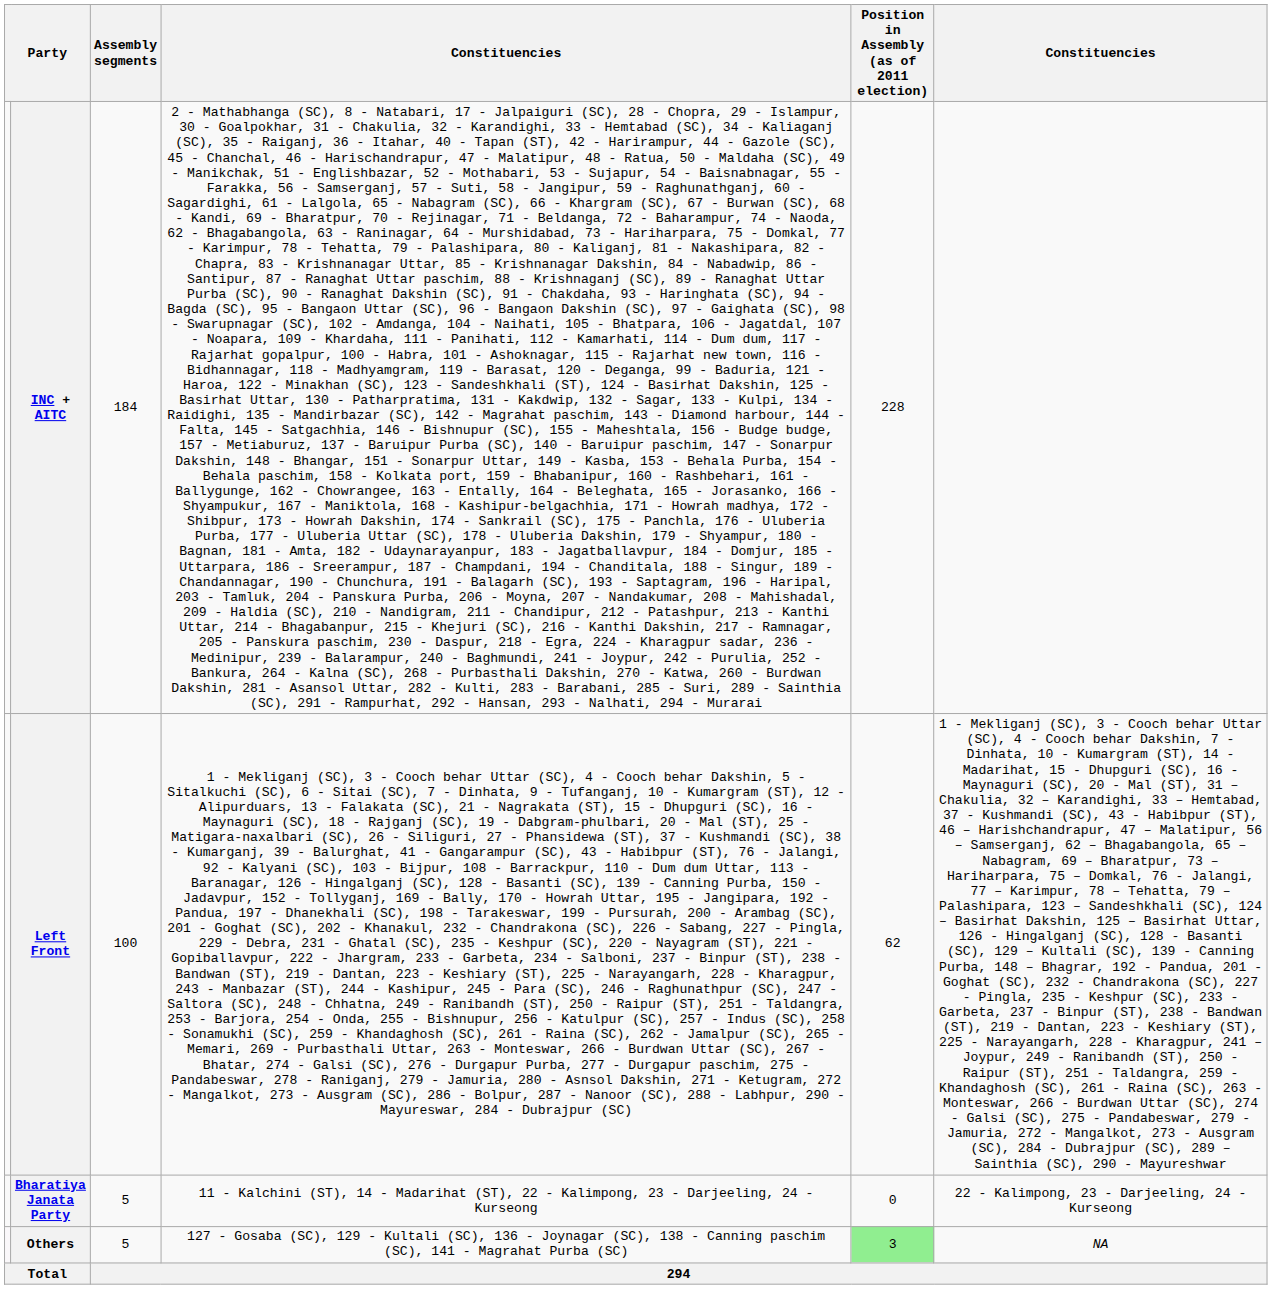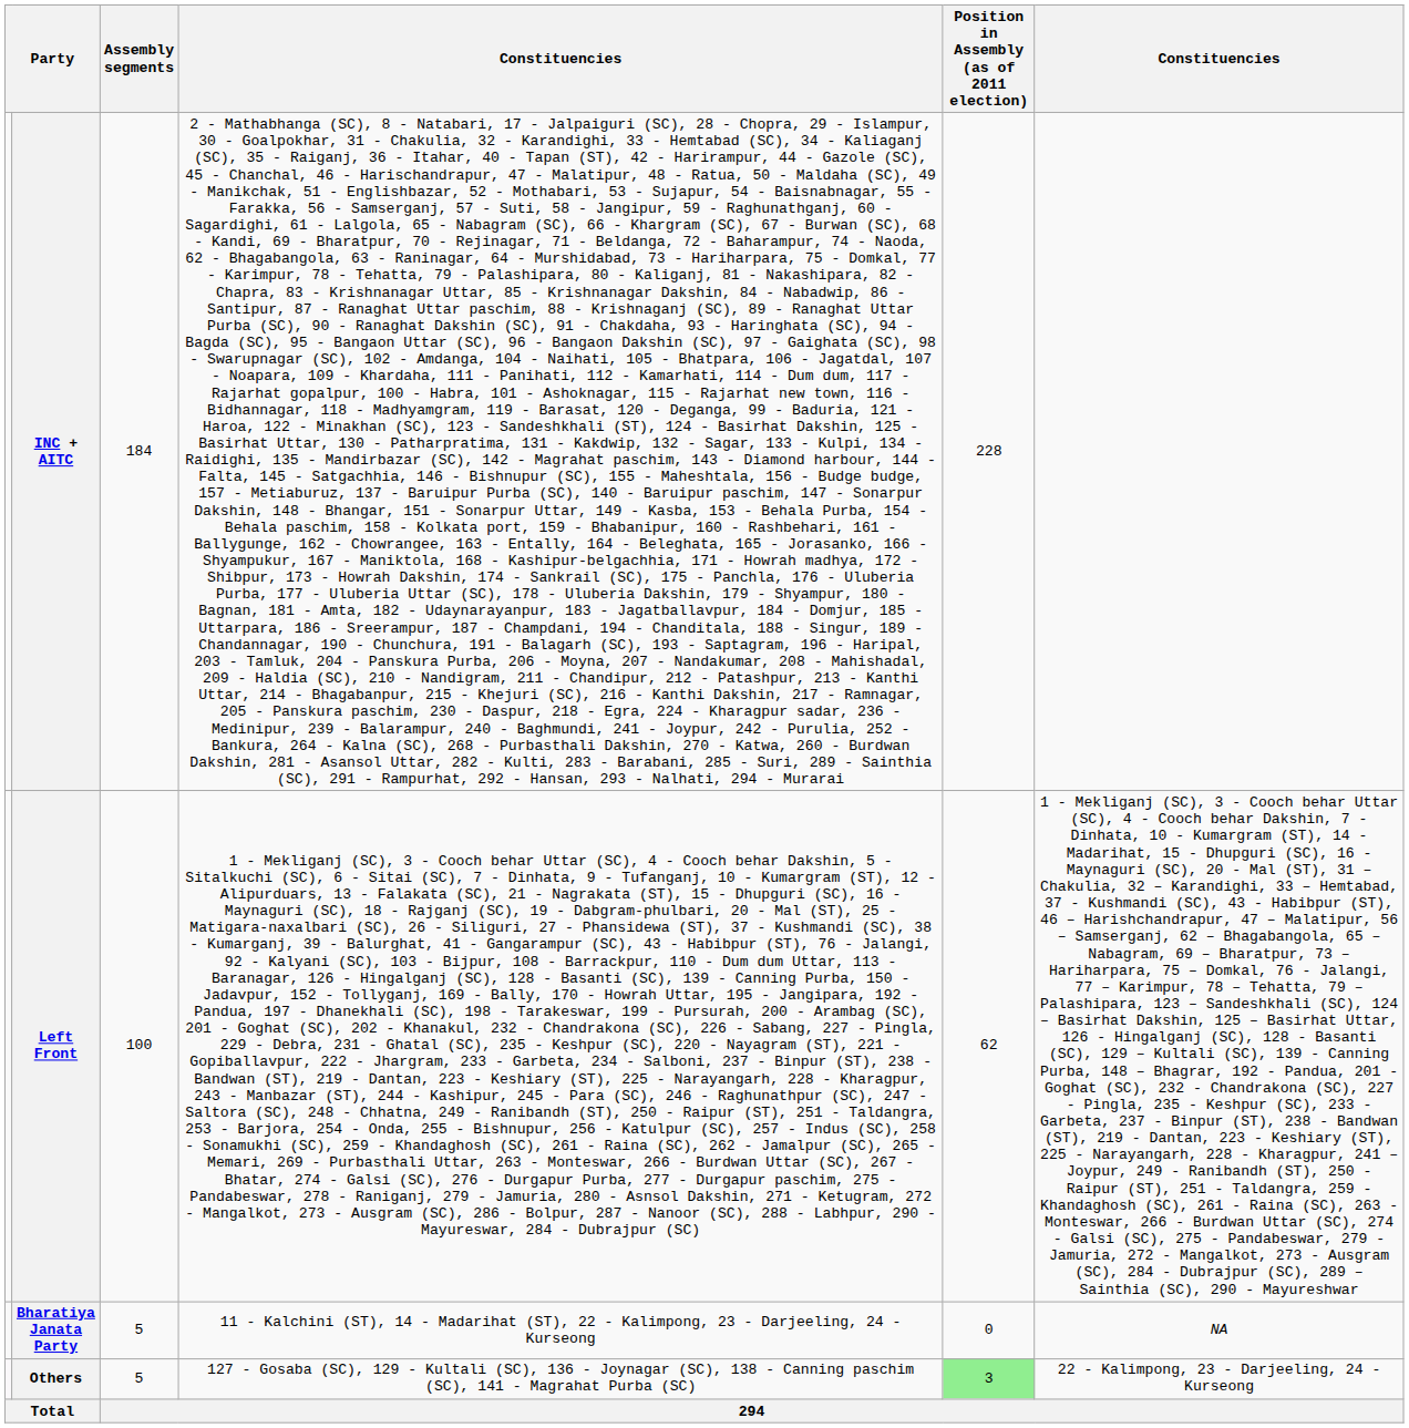 <table class="wikitable" style="text-align:center">
 <tr>
 <th colspan=2>Party</th>
 <th>Assembly segments</th>
 <th>Constituencies</th>
 <th>Position in Assembly (as of 2011 election)</th>
 <th>Constituencies</th>
 </tr>
 <tr>
 <td></td>
 <th><a href='#'>INC</a> + <a href='#'>AITC</a></th>
 <td>184</td>
 <td>2 - Mathabhanga (SC),  8 - Natabari, 17 - Jalpaiguri (SC), 28 - Chopra,  29 - Islampur,  30 - Goalpokhar, 31 - Chakulia, 32 - Karandighi, 33 - Hemtabad (SC), 34 - Kaliaganj (SC),  35 - Raiganj, 36 - Itahar, 40 - Tapan (ST), 42 - Harirampur,  44 - Gazole (SC), 45 - Chanchal,  46 - Harischandrapur, 47 - Malatipur,  48 - Ratua, 50 - Maldaha (SC),  49 - Manikchak, 51 - Englishbazar, 52 - Mothabari, 53 - Sujapur,  54 - Baisnabnagar, 55 - Farakka,  56 - Samserganj,  57 - Suti,  58 - Jangipur,  59 - Raghunathganj,  60 - Sagardighi,  61 - Lalgola, 65 - Nabagram (SC), 66 - Khargram (SC), 67 - Burwan (SC), 68 - Kandi,  69 - Bharatpur,  70 - Rejinagar, 71 - Beldanga,  72 - Baharampur, 74 - Naoda, 62 - Bhagabangola,  63 - Raninagar,  64 - Murshidabad, 73 - Hariharpara,  75 - Domkal,  77 - Karimpur, 78 - Tehatta,  79 - Palashipara,  80 - Kaliganj,  81 - Nakashipara,  82 - Chapra,  83 - Krishnanagar Uttar, 85 - Krishnanagar Dakshin,  84 - Nabadwip, 86 - Santipur,  87 - Ranaghat Uttar paschim,  88 - Krishnaganj (SC),  89 - Ranaghat Uttar Purba (SC),  90 - Ranaghat Dakshin (SC),  91 - Chakdaha,  93 - Haringhata (SC),  94 - Bagda (SC),  95 - Bangaon Uttar (SC), 96 - Bangaon Dakshin (SC),  97 - Gaighata (SC), 98 - Swarupnagar (SC), 102 - Amdanga, 104 - Naihati,  105 - Bhatpara, 106 - Jagatdal, 107 - Noapara, 109 - Khardaha, 111 - Panihati, 112 - Kamarhati, 114 - Dum dum, 117 - Rajarhat gopalpur, 100 - Habra, 101 - Ashoknagar, 115 - Rajarhat new town,  116 - Bidhannagar, 118 - Madhyamgram, 119 - Barasat, 120 - Deganga, 99 - Baduria, 121 - Haroa, 122 - Minakhan (SC), 123 - Sandeshkhali (ST), 124 - Basirhat Dakshin, 125 - Basirhat Uttar, 130 - Patharpratima, 131 - Kakdwip, 132 - Sagar, 133 - Kulpi, 134 - Raidighi, 135 - Mandirbazar (SC), 142 - Magrahat paschim, 143 - Diamond harbour, 144 - Falta, 145 - Satgachhia, 146 - Bishnupur (SC), 155 - Maheshtala, 156 - Budge budge, 157 - Metiaburuz, 137 - Baruipur Purba (SC), 140 - Baruipur paschim, 147 - Sonarpur Dakshin, 148 - Bhangar, 151 - Sonarpur Uttar, 149 - Kasba, 153 - Behala Purba, 154 - Behala paschim, 158 - Kolkata port, 159 - Bhabanipur,  160 - Rashbehari, 161 - Ballygunge, 162 - Chowrangee, 163 - Entally, 164 - Beleghata, 165 - Jorasanko, 166 - Shyampukur, 167 - Maniktola, 168 - Kashipur-belgachhia, 171 - Howrah madhya, 172 - Shibpur, 173 - Howrah Dakshin, 174 - Sankrail (SC), 175 - Panchla, 176 - Uluberia Purba, 177 - Uluberia Uttar (SC), 178 - Uluberia Dakshin, 179 - Shyampur, 180 - Bagnan, 181 - Amta, 182 - Udaynarayanpur, 183 - Jagatballavpur, 184 - Domjur, 185 - Uttarpara, 186 - Sreerampur, 187 - Champdani, 194 - Chanditala, 188 - Singur, 189 - Chandannagar, 190 - Chunchura, 191 - Balagarh (SC), 193 - Saptagram, 196 - Haripal, 203 - Tamluk, 204 - Panskura Purba, 206 - Moyna, 207 - Nandakumar, 208 - Mahishadal, 209 - Haldia (SC), 210 - Nandigram, 211 - Chandipur, 212 - Patashpur, 213 - Kanthi Uttar, 214 - Bhagabanpur,  215 - Khejuri (SC),  216 - Kanthi Dakshin, 217 - Ramnagar, 205 - Panskura paschim, 230 - Daspur, 218 - Egra, 224 - Kharagpur sadar, 236 - Medinipur, 239 - Balarampur, 240 - Baghmundi, 241 - Joypur, 242 - Purulia, 252 - Bankura, 264 - Kalna (SC), 268 - Purbasthali Dakshin, 270 - Katwa, 260 - Burdwan Dakshin, 281 - Asansol Uttar, 282 - Kulti, 283 - Barabani, 285 - Suri, 289 - Sainthia (SC), 291 - Rampurhat, 292 - Hansan, 293 - Nalhati, 294 - Murarai</td>
 <td>228</td>
 <td></td>
 </tr>
 <tr>
 <td></td>
 <th><a href='#'>Left Front</a></th>
 <td>100</td>
 <td>1 - Mekliganj (SC), 3 - Cooch behar Uttar (SC), 4 - Cooch behar Dakshin, 5 - Sitalkuchi (SC), 6 - Sitai (SC),  7 - Dinhata, 9 - Tufanganj, 10 - Kumargram (ST),  12 - Alipurduars, 13 - Falakata (SC), 21 - Nagrakata (ST), 15 - Dhupguri (SC), 16 - Maynaguri (SC), 18 - Rajganj (SC), 19 - Dabgram-phulbari, 20 - Mal (ST), 25 - Matigara-naxalbari (SC), 26 - Siliguri,  27 - Phansidewa (ST), 37 - Kushmandi (SC),  38 - Kumarganj,  39 - Balurghat, 41 - Gangarampur (SC),  43 - Habibpur (ST),  76 - Jalangi, 92 - Kalyani (SC), 103 - Bijpur, 108 - Barrackpur, 110 - Dum dum Uttar, 113 - Baranagar, 126 - Hingalganj (SC), 128 - Basanti (SC),  139 - Canning Purba, 150 - Jadavpur, 152 - Tollyganj, 169 - Bally, 170 - Howrah Uttar, 195 - Jangipara, 192 - Pandua, 197 - Dhanekhali (SC), 198 - Tarakeswar, 199 - Pursurah, 200 - Arambag (SC), 201 - Goghat (SC), 202 - Khanakul, 232 - Chandrakona (SC), 226 - Sabang, 227 - Pingla, 229 - Debra, 231 - Ghatal (SC), 235 - Keshpur (SC), 220 - Nayagram (ST), 221 - Gopiballavpur, 222 - Jhargram, 233 - Garbeta, 234 - Salboni, 237 - Binpur (ST), 238 - Bandwan (ST), 219 - Dantan, 223 - Keshiary (ST), 225 - Narayangarh, 228 - Kharagpur, 243 - Manbazar (ST), 244 - Kashipur, 245 - Para (SC), 246 - Raghunathpur (SC), 247 - Saltora (SC), 248 - Chhatna, 249 - Ranibandh (ST), 250 - Raipur (ST), 251 - Taldangra, 253 - Barjora, 254 - Onda, 255 - Bishnupur, 256 - Katulpur (SC), 257 - Indus (SC), 258 - Sonamukhi (SC), 259 - Khandaghosh (SC), 261 - Raina (SC), 262 - Jamalpur (SC), 265 - Memari, 269 - Purbasthali Uttar, 263 - Monteswar, 266 - Burdwan Uttar (SC), 267 - Bhatar, 274 - Galsi (SC), 276 - Durgapur Purba, 277 - Durgapur paschim, 275 - Pandabeswar, 278 - Raniganj, 279 - Jamuria, 280 - Asnsol Dakshin, 271 - Ketugram, 272 - Mangalkot, 273 - Ausgram (SC), 286 - Bolpur, 287 - Nanoor (SC), 288 - Labhpur, 290 - Mayureswar, 284 - Dubrajpur (SC)</td>
 <td>62</td>
 <td>1 - Mekliganj (SC), 3 - Cooch behar Uttar (SC), 4 - Cooch behar Dakshin, 7 - Dinhata, 10 - Kumargram (ST), 14 - Madarihat, 15 - Dhupguri (SC), 16 - Maynaguri (SC), 20 - Mal (ST), 31 – Chakulia, 32 – Karandighi, 33 – Hemtabad, 37 - Kushmandi (SC), 43 - Habibpur (ST), 46 – Harishchandrapur, 47 – Malatipur, 56 – Samserganj, 62 – Bhagabangola, 65 – Nabagram, 69 – Bharatpur, 73 – Hariharpara, 75 – Domkal, 76 - Jalangi, 77 – Karimpur, 78 – Tehatta, 79 – Palashipara, 123 – Sandeshkhali (SC), 124 – Basirhat Dakshin, 125 – Basirhat Uttar,  126 - Hingalganj (SC), 128 - Basanti (SC), 129 – Kultali (SC), 139 - Canning Purba, 148 – Bhagrar, 192 - Pandua, 201 - Goghat (SC), 232 - Chandrakona (SC), 227 - Pingla, 235 - Keshpur (SC), 233 - Garbeta, 237 - Binpur (ST), 238 - Bandwan (ST), 219 - Dantan, 223 - Keshiary (ST), 225 - Narayangarh, 228 - Kharagpur, 241 – Joypur, 249 - Ranibandh (ST), 250 - Raipur (ST), 251 - Taldangra, 259 - Khandaghosh (SC), 261 - Raina (SC), 263 - Monteswar, 266 - Burdwan Uttar (SC), 274 - Galsi (SC), 275 - Pandabeswar, 279 - Jamuria, 272 - Mangalkot, 273 - Ausgram (SC), 284 - Dubrajpur (SC), 289 – Sainthia (SC), 290 - Mayureshwar</td>
 </tr>
 <tr>
 <td></td>
 <th><a href='#'>Bharatiya Janata Party</a></th>
 <td>5</td>
 <td>11 - Kalchini (ST), 14 - Madarihat (ST),  22 - Kalimpong,  23 - Darjeeling,  24 - Kurseong</td>
 <td>0</td>
-<td>22 - Kalimpong,  23 - Darjeeling,  24 - Kurseong</td>
+<td><em>NA</em></td>
 </tr>
 <tr>
 <td bgcolor=#FAF8FA></td>
 <th>Others</th>
 <td>5</td>
 <td>127 - Gosaba (SC), 129 - Kultali (SC), 136 - Joynagar (SC), 138 - Canning paschim (SC), 141 - Magrahat Purba (SC)</td>
 <td style="background: lightgreen;">3</td>
-<td><em>NA</em></td>
+<td>22 - Kalimpong,  23 - Darjeeling,  24 - Kurseong</td>
 </tr>
 <tr>
 <th colspan=2>Total</th>
 <th colspan=4>294</th>
 </tr>
 </table>
